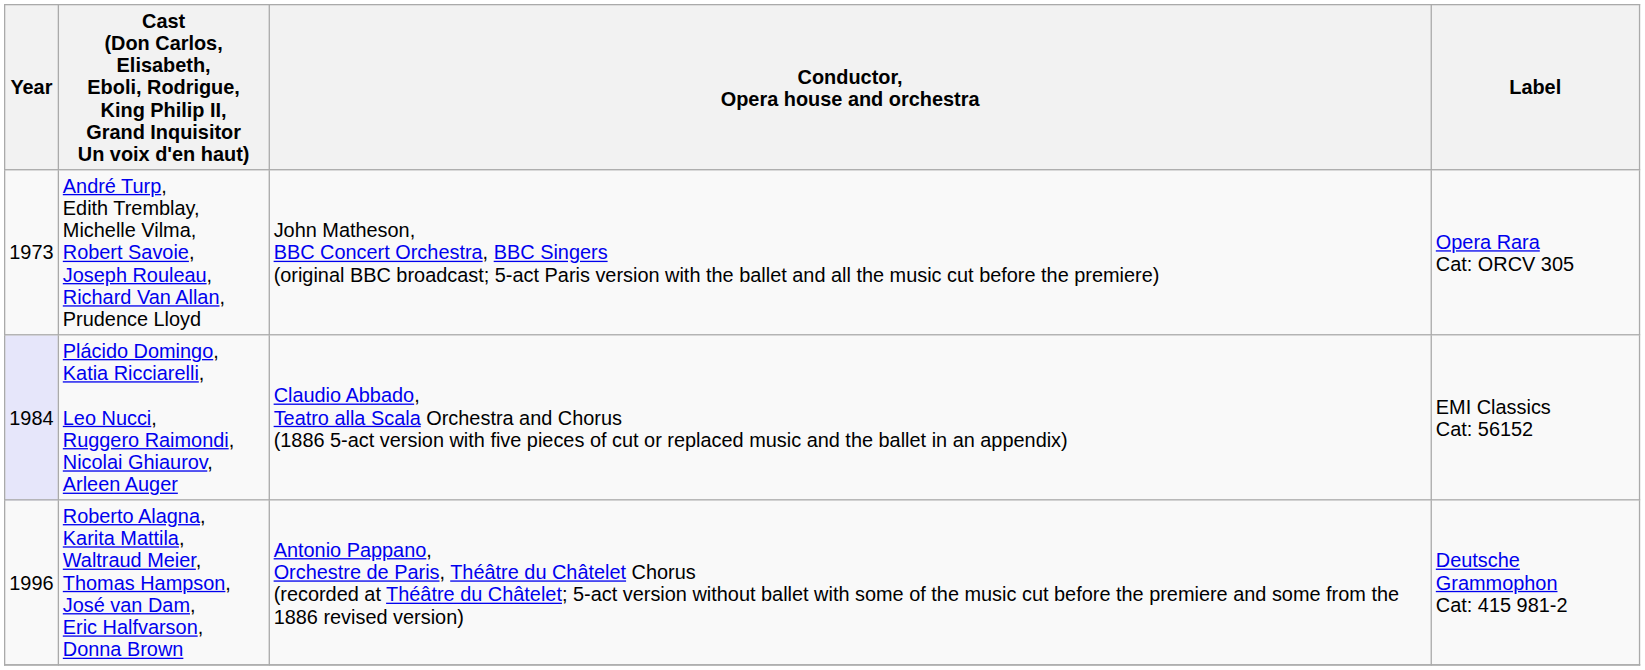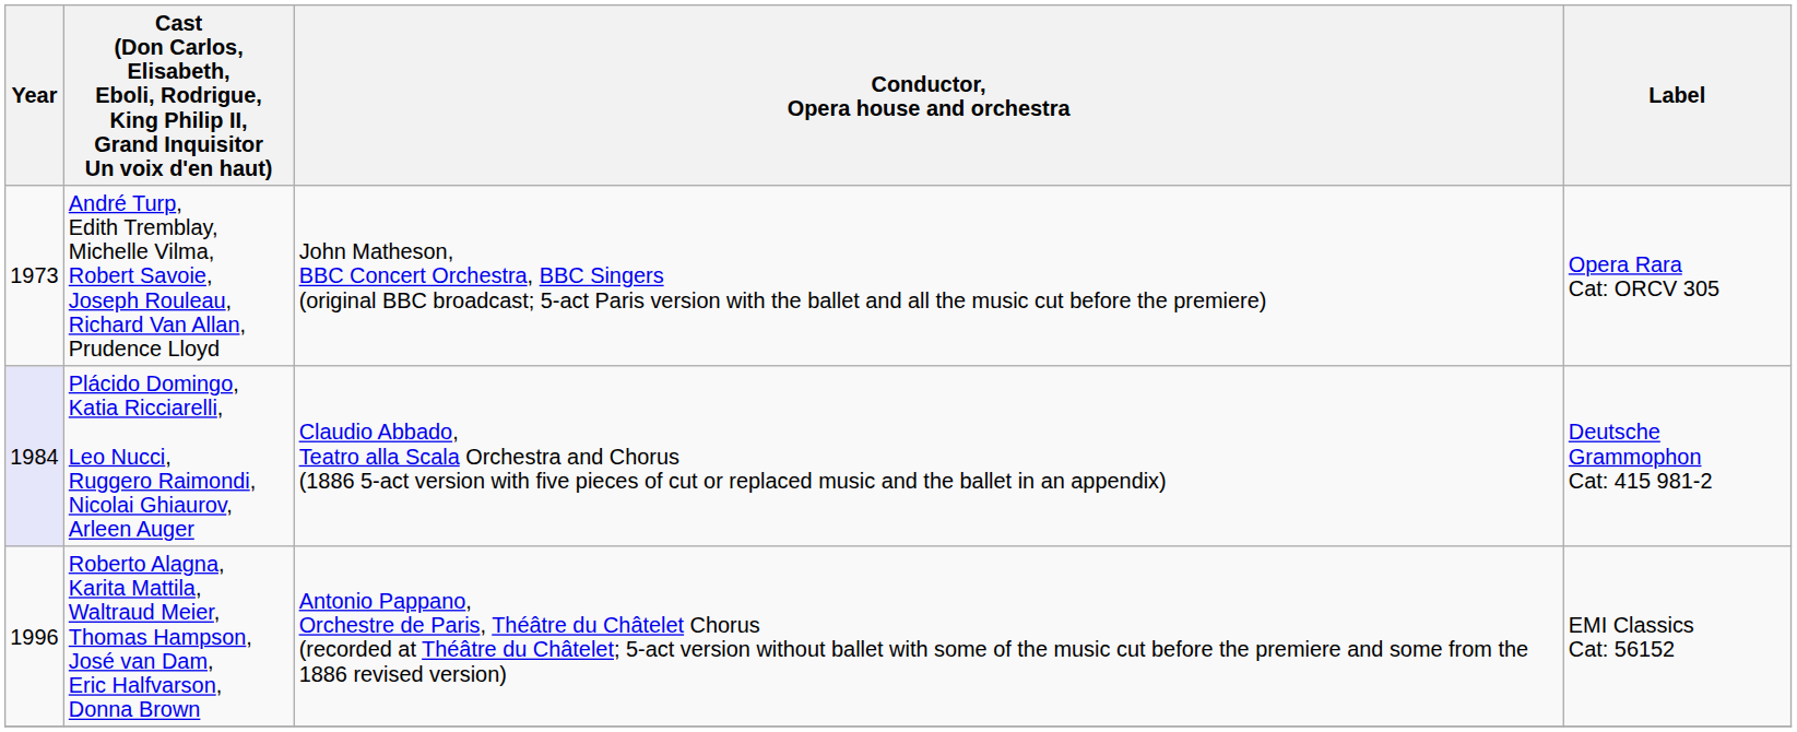 <table class="wikitable" style="font-size:95%;">
 <tr>
 <th>Year</th>
 <th>Cast<br>(Don Carlos, Elisabeth,<br>Eboli, Rodrigue,<br>King Philip II,<br>Grand Inquisitor<br>Un voix d'en haut)</th>
 <th>Conductor,<br>Opera house and orchestra</th>
 <th>Label</th>
 </tr>
 <tr>
 <td>1973</td>
 <td><a href='#'>André Turp</a>,<br>Edith Tremblay,<br>Michelle Vilma,<br><a href='#'>Robert Savoie</a>,<br><a href='#'>Joseph Rouleau</a>,<br><a href='#'>Richard Van Allan</a>,<br>Prudence Lloyd</td>
 <td>John Matheson,<br><a href='#'>BBC Concert Orchestra</a>, <a href='#'>BBC Singers</a><br>(original BBC broadcast; 5-act Paris version with the ballet and all the music cut before the premiere)</td>
 <td><a href='#'>Opera Rara</a><br>Cat: ORCV 305</td>
 </tr>
 <tr>
 <td style="background: lavender;">1984</td>
 <td><a href='#'>Plácido Domingo</a>,<br><a href='#'>Katia Ricciarelli</a>,<br><br><a href='#'>Leo Nucci</a>,<br><a href='#'>Ruggero Raimondi</a>,<br><a href='#'>Nicolai Ghiaurov</a>,<br><a href='#'>Arleen Auger</a></td>
 <td><a href='#'>Claudio Abbado</a>,<br><a href='#'>Teatro alla Scala</a> Orchestra and Chorus<br>(1886 5-act version with five pieces of cut or replaced music and the ballet in an appendix)</td>
-<td>EMI Classics<br>Cat: 56152</td>
+<td><a href='#'>Deutsche Grammophon</a><br>Cat: 415 981-2</td>
 </tr>
 <tr>
 <td>1996</td>
 <td><a href='#'>Roberto Alagna</a>,<br><a href='#'>Karita Mattila</a>,<br><a href='#'>Waltraud Meier</a>,<br><a href='#'>Thomas Hampson</a>,<br><a href='#'>José van Dam</a>,<br><a href='#'>Eric Halfvarson</a>,<br><a href='#'>Donna Brown</a></td>
 <td><a href='#'>Antonio Pappano</a>,<br><a href='#'>Orchestre de Paris</a>, <a href='#'>Théâtre du Châtelet</a> Chorus<br>(recorded at <a href='#'>Théâtre du Châtelet</a>; 5-act version without ballet with some of the music cut before the premiere and some from the 1886 revised version)</td>
-<td><a href='#'>Deutsche Grammophon</a><br>Cat: 415 981-2</td>
+<td>EMI Classics<br>Cat: 56152</td>
 </tr>
 <tr>
 </tr>
 </table>
